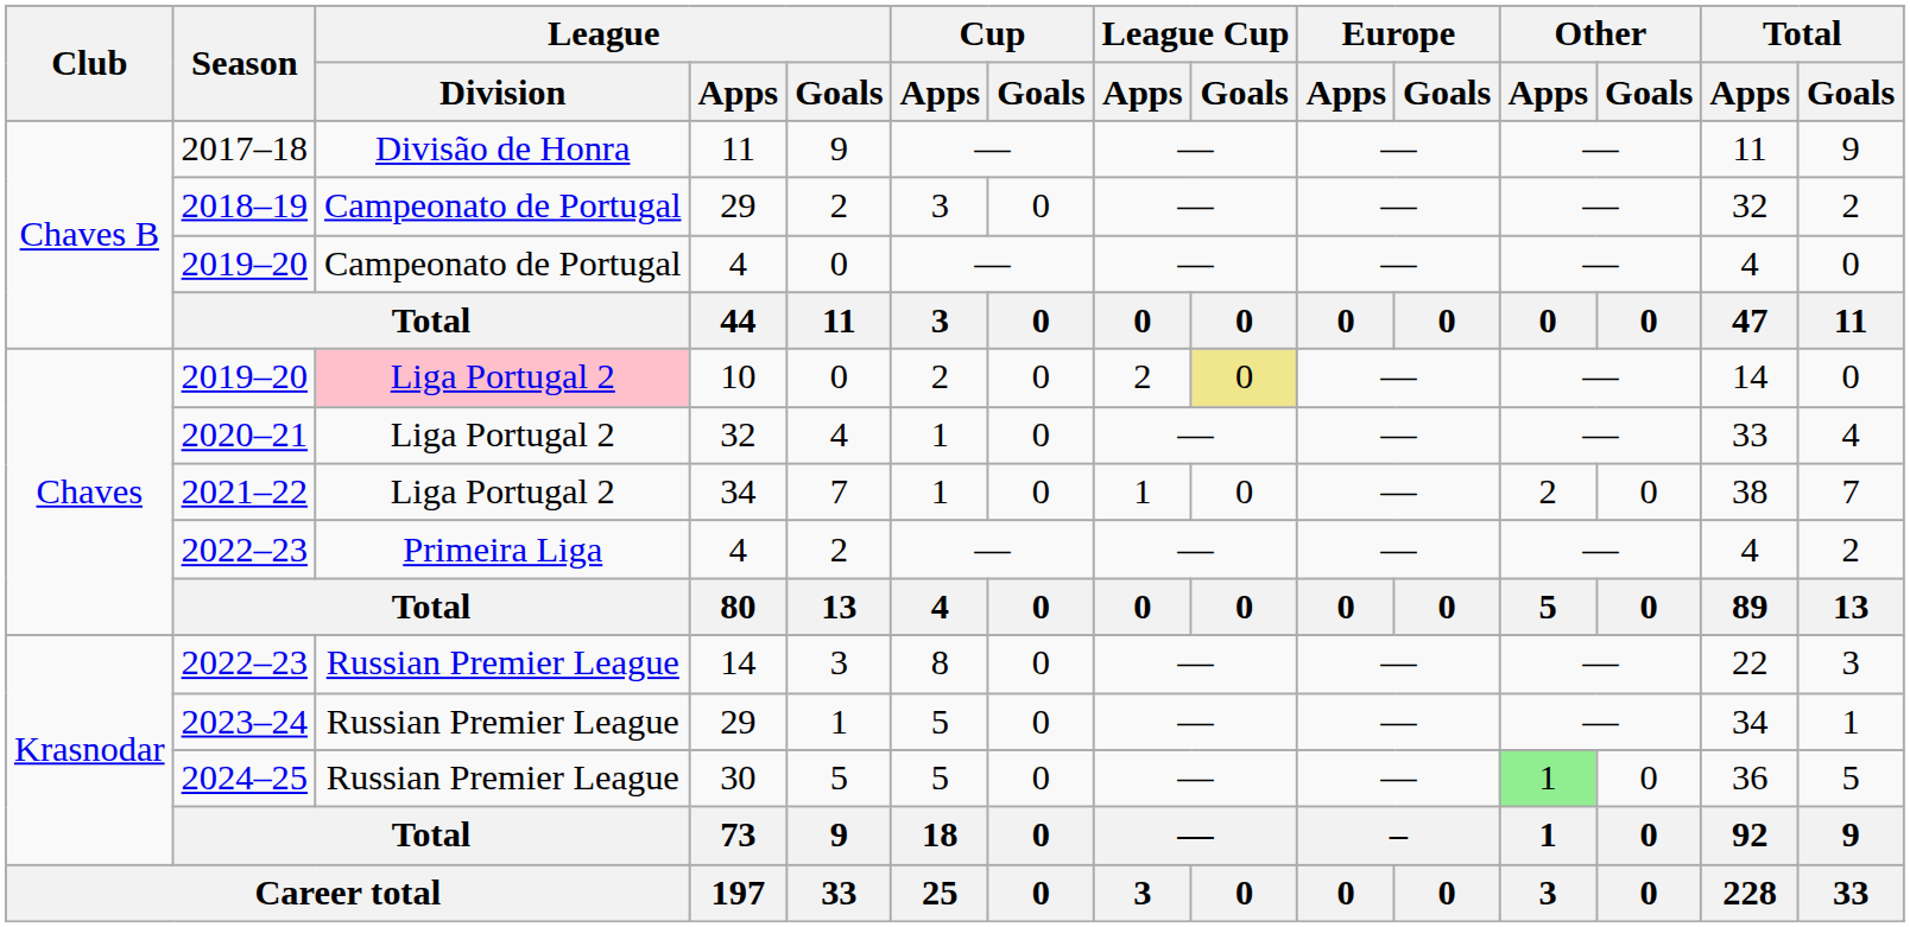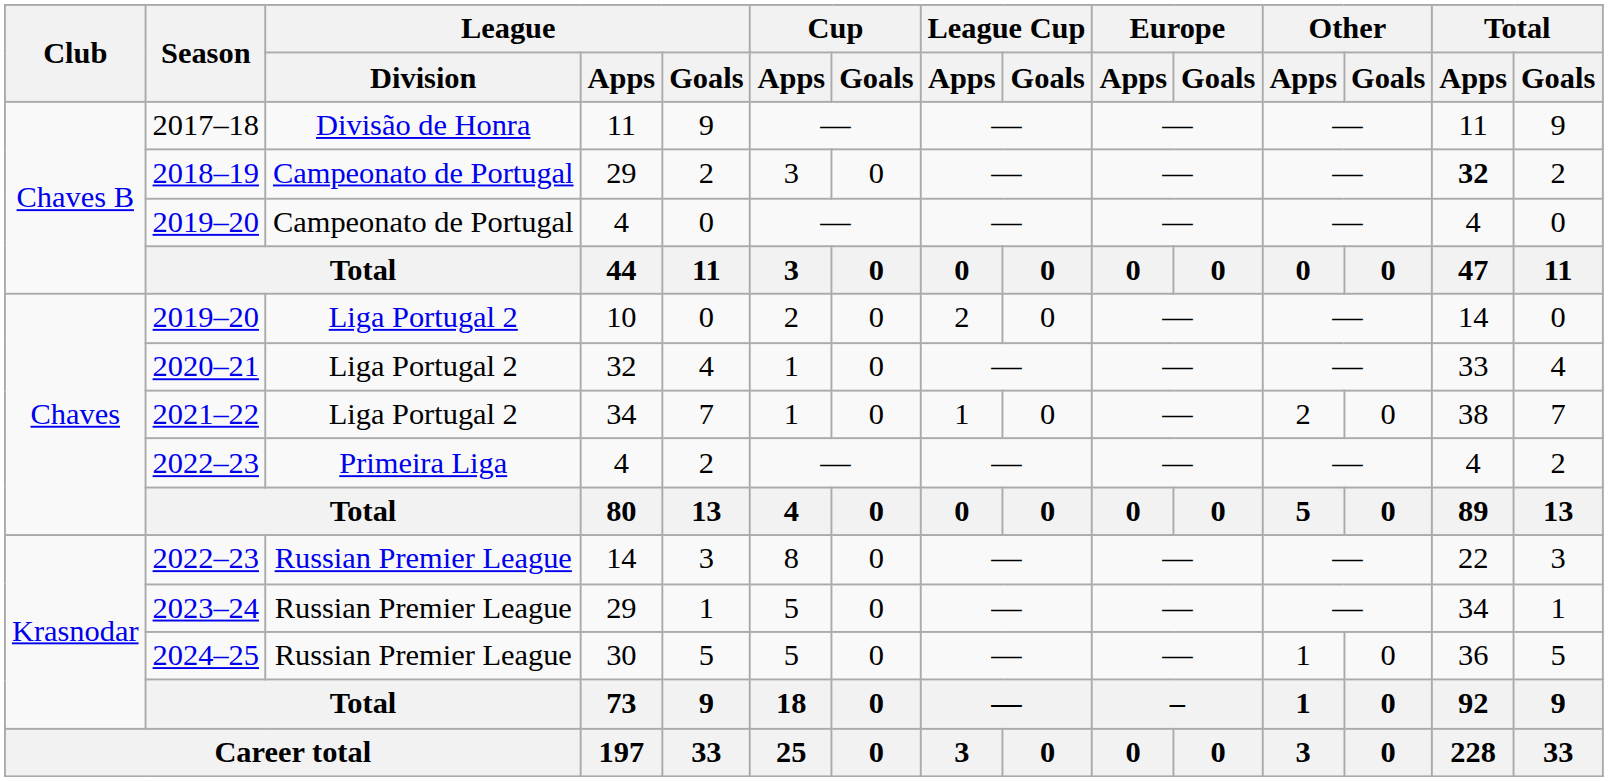 <table class="wikitable" style="text-align: center;">
 <tr>
 <th rowspan="2">Club</th>
 <th rowspan="2">Season</th>
 <th colspan="3">League</th>
 <th colspan="2">Cup</th>
 <th colspan="2">League Cup</th>
 <th colspan="2">Europe</th>
 <th colspan="2">Other</th>
 <th colspan="2">Total</th>
 </tr>
 <tr>
 <th>Division</th>
 <th>Apps</th>
 <th>Goals</th>
 <th>Apps</th>
 <th>Goals</th>
 <th>Apps</th>
 <th>Goals</th>
 <th>Apps</th>
 <th>Goals</th>
 <th>Apps</th>
 <th>Goals</th>
 <th>Apps</th>
 <th>Goals</th>
 </tr>
 <tr>
 <td rowspan="4"><a href='#'>Chaves B</a></td>
 <td>2017–18</td>
 <td><a href='#'>Divisão de Honra</a></td>
 <td>11</td>
 <td>9</td>
 <td colspan="2">—</td>
 <td colspan="2">—</td>
 <td colspan="2">—</td>
 <td colspan="2">—</td>
 <td>11</td>
 <td>9</td>
 </tr>
 <tr>
 <td><a href='#'>2018–19</a></td>
 <td><a href='#'>Campeonato de Portugal</a></td>
 <td>29</td>
 <td>2</td>
 <td>3</td>
 <td>0</td>
 <td colspan="2">—</td>
 <td colspan="2">—</td>
 <td colspan="2">—</td>
-<td>32</td>
+<td><strong>32</strong></td>
 <td>2</td>
 </tr>
 <tr>
 <td><a href='#'>2019–20</a></td>
 <td>Campeonato de Portugal</td>
 <td>4</td>
 <td>0</td>
 <td colspan="2">—</td>
 <td colspan="2">—</td>
 <td colspan="2">—</td>
 <td colspan="2">—</td>
 <td>4</td>
 <td>0</td>
 </tr>
 <tr>
 <th colspan=2>Total</th>
 <th>44</th>
 <th>11</th>
 <th>3</th>
 <th>0</th>
 <th>0</th>
 <th>0</th>
 <th>0</th>
 <th>0</th>
 <th>0</th>
 <th>0</th>
 <th>47</th>
 <th>11</th>
 </tr>
 <tr>
 <td rowspan="5"><a href='#'>Chaves</a></td>
 <td><a href='#'>2019–20</a></td>
-<td style="background: pink;"><a href='#'>Liga Portugal 2</a></td>
+<td><a href='#'>Liga Portugal 2</a></td>
 <td>10</td>
 <td>0</td>
 <td>2</td>
 <td>0</td>
 <td>2</td>
-<td style="background: khaki;">0</td>
+<td>0</td>
 <td colspan="2">—</td>
 <td colspan="2">—</td>
 <td>14</td>
 <td>0</td>
 </tr>
 <tr>
 <td><a href='#'>2020–21</a></td>
 <td>Liga Portugal 2</td>
 <td>32</td>
 <td>4</td>
 <td>1</td>
 <td>0</td>
 <td colspan="2">—</td>
 <td colspan="2">—</td>
 <td colspan="2">—</td>
 <td>33</td>
 <td>4</td>
 </tr>
 <tr>
 <td><a href='#'>2021–22</a></td>
 <td>Liga Portugal 2</td>
 <td>34</td>
 <td>7</td>
 <td>1</td>
 <td>0</td>
 <td>1</td>
 <td>0</td>
 <td colspan="2">—</td>
 <td>2</td>
 <td>0</td>
 <td>38</td>
 <td>7</td>
 </tr>
 <tr>
 <td><a href='#'>2022–23</a></td>
 <td><a href='#'>Primeira Liga</a></td>
 <td>4</td>
 <td>2</td>
 <td colspan="2">—</td>
 <td colspan="2">—</td>
 <td colspan="2">—</td>
 <td colspan="2">—</td>
 <td>4</td>
 <td>2</td>
 </tr>
 <tr>
 <th colspan=2>Total</th>
 <th>80</th>
 <th>13</th>
 <th>4</th>
 <th>0</th>
 <th>0</th>
 <th>0</th>
 <th>0</th>
 <th>0</th>
 <th>5</th>
 <th>0</th>
 <th>89</th>
 <th>13</th>
 </tr>
 <tr>
 <td rowspan="4"><a href='#'>Krasnodar</a></td>
 <td><a href='#'>2022–23</a></td>
 <td><a href='#'>Russian Premier League</a></td>
 <td>14</td>
 <td>3</td>
 <td>8</td>
 <td>0</td>
 <td colspan="2">—</td>
 <td colspan="2">—</td>
 <td colspan="2">—</td>
 <td>22</td>
 <td>3</td>
 </tr>
 <tr>
 <td><a href='#'>2023–24</a></td>
 <td>Russian Premier League</td>
 <td>29</td>
 <td>1</td>
 <td>5</td>
 <td>0</td>
 <td colspan="2">—</td>
 <td colspan="2">—</td>
 <td colspan="2">—</td>
 <td>34</td>
 <td>1</td>
 </tr>
 <tr>
 <td><a href='#'>2024–25</a></td>
 <td>Russian Premier League</td>
 <td>30</td>
 <td>5</td>
 <td>5</td>
 <td>0</td>
 <td colspan="2">—</td>
 <td colspan="2">—</td>
-<td style="background: lightgreen;">1</td>
+<td>1</td>
 <td>0</td>
 <td>36</td>
 <td>5</td>
 </tr>
 <tr>
 <th colspan="2">Total</th>
 <th>73</th>
 <th>9</th>
 <th>18</th>
 <th>0</th>
 <th colspan="2">—</th>
 <th colspan=2>–</th>
 <th>1</th>
 <th>0</th>
 <th>92</th>
 <th>9</th>
 </tr>
 <tr>
 <th colspan="3">Career total</th>
 <th>197</th>
 <th>33</th>
 <th>25</th>
 <th>0</th>
 <th>3</th>
 <th>0</th>
 <th>0</th>
 <th>0</th>
 <th>3</th>
 <th>0</th>
 <th>228</th>
 <th>33</th>
 </tr>
 </table>
